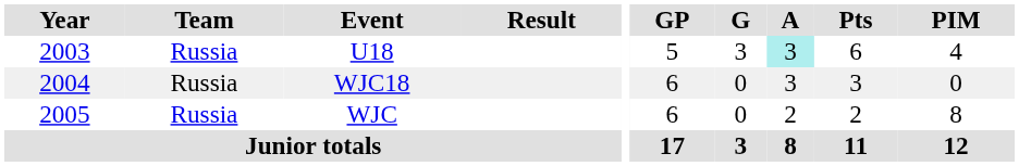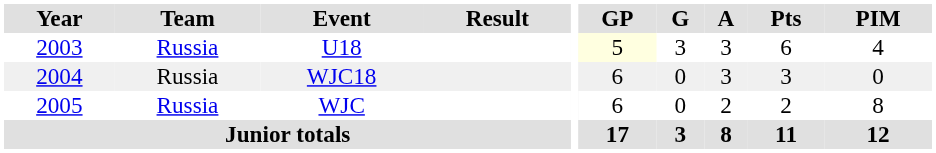 <table border="0" cellpadding="1" cellspacing="0" ID="Table3" style="text-align:center; width:40em">
 <tr ALIGN="center" bgcolor="#e0e0e0">
 <th>Year</th>
 <th>Team</th>
 <th>Event</th>
 <th>Result</th>
 <th rowspan="99" bgcolor="#ffffff"></th>
 <th>GP</th>
 <th>G</th>
 <th>A</th>
 <th>Pts</th>
 <th>PIM</th>
 </tr>
 <tr>
 <td><a href='#'>2003</a></td>
 <td><a href='#'>Russia</a></td>
 <td><a href='#'>U18</a></td>
 <td></td>
-<td>5</td>
+<td style="background: lightyellow;">5</td>
 <td>3</td>
-<td style="background: paleturquoise;">3</td>
+<td>3</td>
 <td>6</td>
 <td>4</td>
 </tr>
 <tr bgcolor="#f0f0f0">
 <td><a href='#'>2004</a></td>
 <td>Russia</td>
 <td><a href='#'>WJC18</a></td>
 <td></td>
 <td>6</td>
 <td>0</td>
 <td>3</td>
 <td>3</td>
 <td>0</td>
 </tr>
 <tr>
 <td><a href='#'>2005</a></td>
 <td><a href='#'>Russia</a></td>
 <td><a href='#'>WJC</a></td>
 <td></td>
 <td>6</td>
 <td>0</td>
 <td>2</td>
 <td>2</td>
 <td>8</td>
 </tr>
 <tr bgcolor="#e0e0e0">
 <th colspan="4">Junior totals</th>
 <th>17</th>
 <th>3</th>
 <th>8</th>
 <th>11</th>
 <th>12</th>
 </tr>
 </table>
